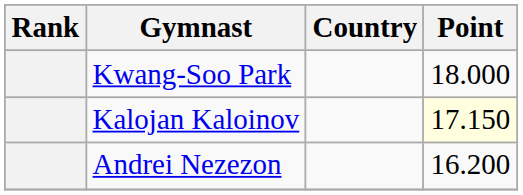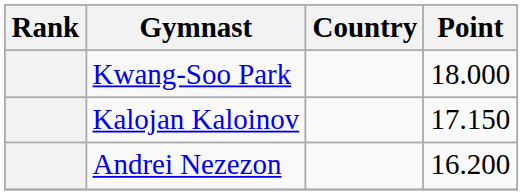 <table class="wikitable sortable">
 <tr>
 <th>Rank</th>
 <th>Gymnast</th>
 <th>Country</th>
 <th>Point</th>
 </tr>
 <tr>
 <th></th>
 <td><a href='#'>Kwang-Soo Park</a></td>
 <td></td>
 <td>18.000</td>
 </tr>
 <tr>
 <th></th>
 <td><a href='#'>Kalojan Kaloinov</a></td>
 <td></td>
-<td style="background: lightyellow;">17.150</td>
+<td>17.150</td>
 </tr>
 <tr>
 <th></th>
 <td><a href='#'>Andrei Nezezon</a></td>
 <td></td>
 <td>16.200</td>
 </tr>
 <tr>
 </tr>
 </table>
